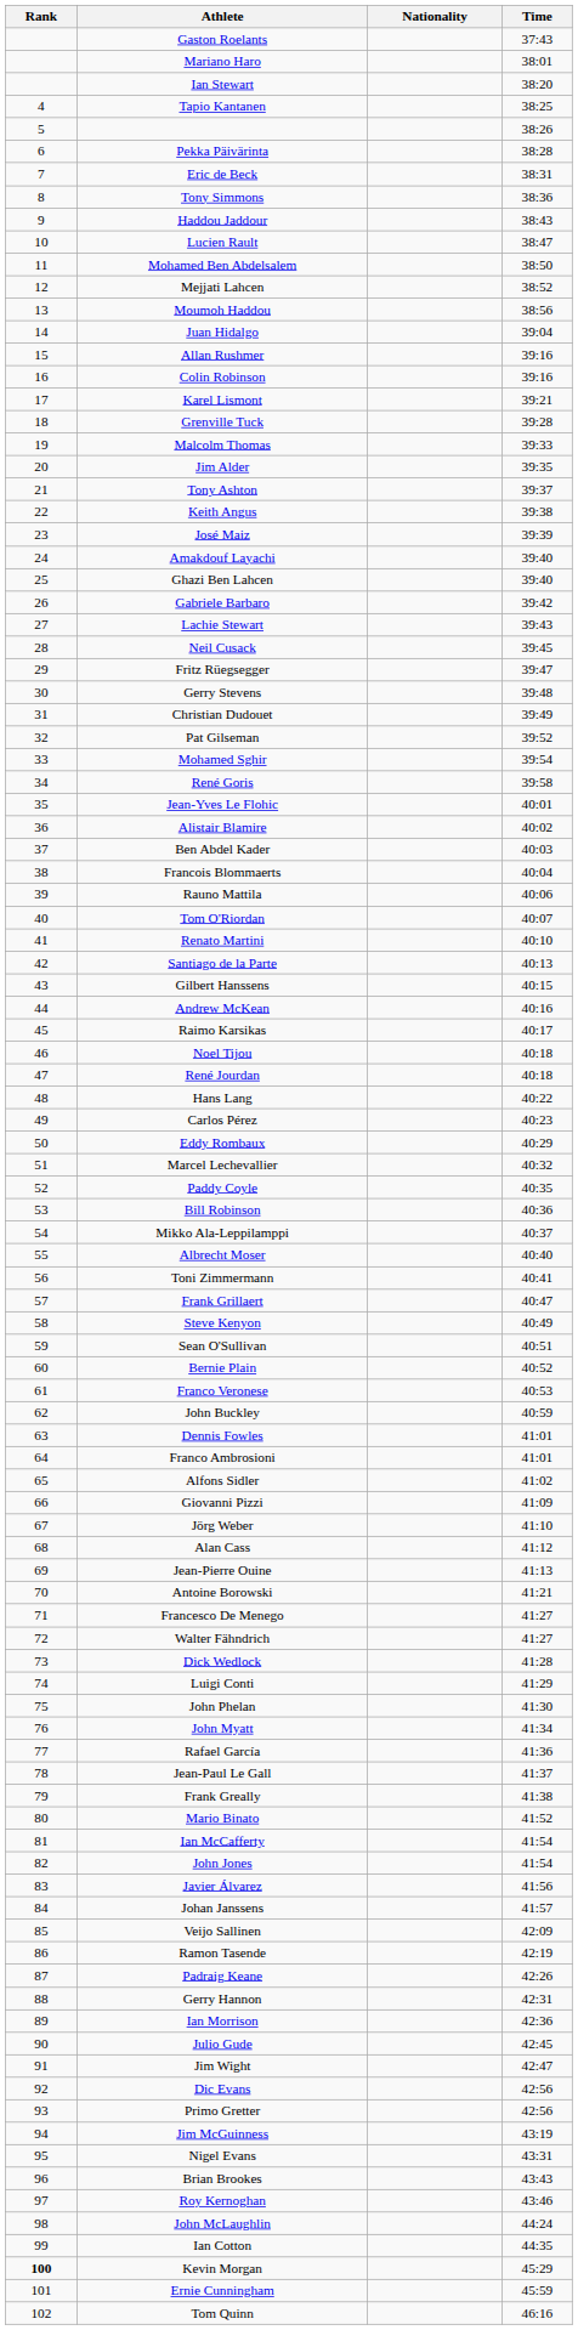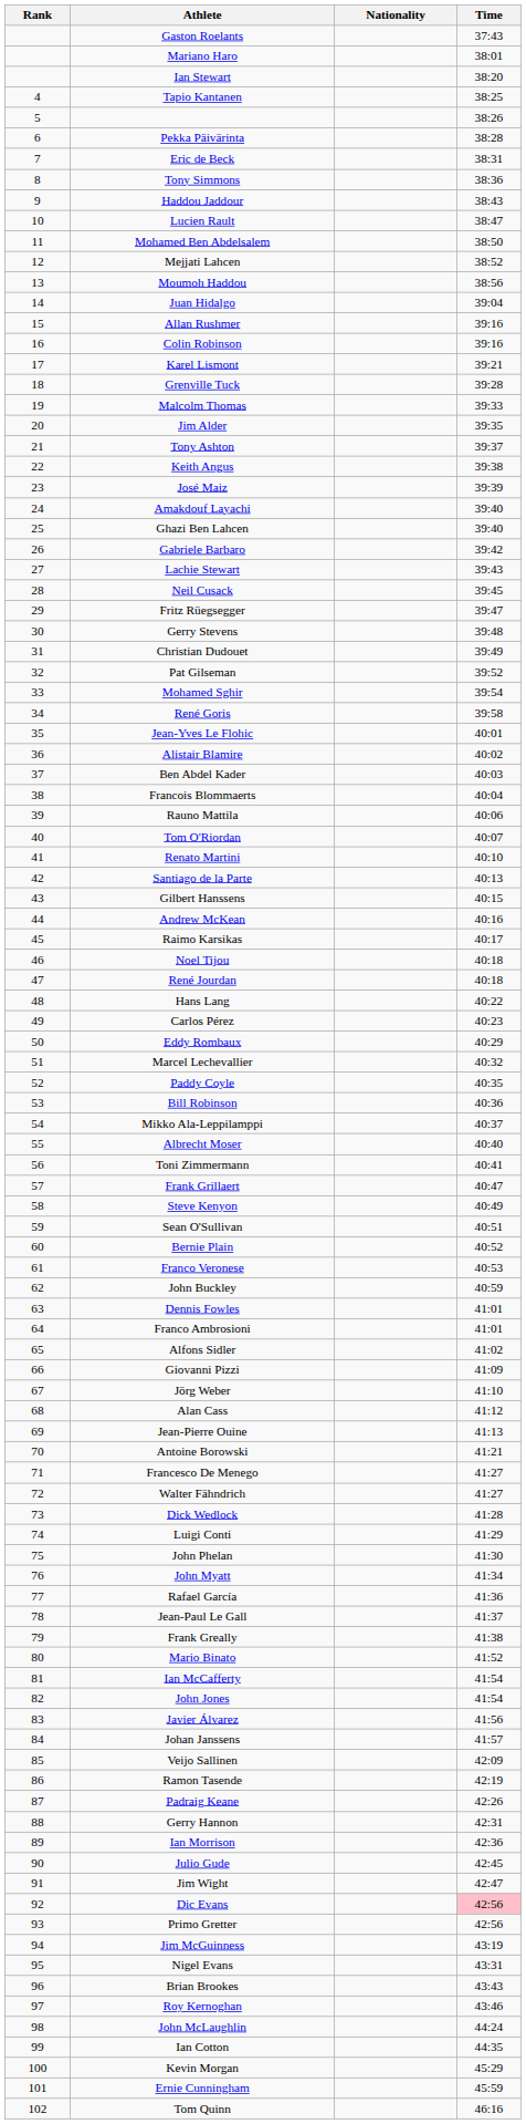 <table class="wikitable sortable" style=" text-align:center; font-size:95%;" width="50%">
 <tr>
 <th>Rank</th>
 <th>Athlete</th>
 <th>Nationality</th>
 <th>Time</th>
 </tr>
 <tr>
 <td align=center></td>
 <td><a href='#'>Gaston Roelants</a></td>
 <td></td>
 <td>37:43</td>
 </tr>
 <tr>
 <td align=center></td>
 <td><a href='#'>Mariano Haro</a></td>
 <td></td>
 <td>38:01</td>
 </tr>
 <tr>
 <td align=center></td>
 <td><a href='#'>Ian Stewart</a></td>
 <td></td>
 <td>38:20</td>
 </tr>
 <tr>
 <td align=center>4</td>
 <td><a href='#'>Tapio Kantanen</a></td>
 <td></td>
 <td>38:25</td>
 </tr>
 <tr>
 <td align=center>5</td>
 <td></td>
 <td></td>
 <td>38:26</td>
 </tr>
 <tr>
 <td align=center>6</td>
 <td><a href='#'>Pekka Päivärinta</a></td>
 <td></td>
 <td>38:28</td>
 </tr>
 <tr>
 <td align=center>7</td>
 <td><a href='#'>Eric de Beck</a></td>
 <td></td>
 <td>38:31</td>
 </tr>
 <tr>
 <td align=center>8</td>
 <td><a href='#'>Tony Simmons</a></td>
 <td></td>
 <td>38:36</td>
 </tr>
 <tr>
 <td align=center>9</td>
 <td><a href='#'>Haddou Jaddour</a></td>
 <td></td>
 <td>38:43</td>
 </tr>
 <tr>
 <td align=center>10</td>
 <td><a href='#'>Lucien Rault</a></td>
 <td></td>
 <td>38:47</td>
 </tr>
 <tr>
 <td align=center>11</td>
 <td><a href='#'>Mohamed Ben Abdelsalem</a></td>
 <td></td>
 <td>38:50</td>
 </tr>
 <tr>
 <td align=center>12</td>
 <td>Mejjati Lahcen</td>
 <td></td>
 <td>38:52</td>
 </tr>
 <tr>
 <td align=center>13</td>
 <td><a href='#'>Moumoh Haddou</a></td>
 <td></td>
 <td>38:56</td>
 </tr>
 <tr>
 <td align=center>14</td>
 <td><a href='#'>Juan Hidalgo</a></td>
 <td></td>
 <td>39:04</td>
 </tr>
 <tr>
 <td align=center>15</td>
 <td><a href='#'>Allan Rushmer</a></td>
 <td></td>
 <td>39:16</td>
 </tr>
 <tr>
 <td align=center>16</td>
 <td><a href='#'>Colin Robinson</a></td>
 <td></td>
 <td>39:16</td>
 </tr>
 <tr>
 <td align=center>17</td>
 <td><a href='#'>Karel Lismont</a></td>
 <td></td>
 <td>39:21</td>
 </tr>
 <tr>
 <td align=center>18</td>
 <td><a href='#'>Grenville Tuck</a></td>
 <td></td>
 <td>39:28</td>
 </tr>
 <tr>
 <td align=center>19</td>
 <td><a href='#'>Malcolm Thomas</a></td>
 <td></td>
 <td>39:33</td>
 </tr>
 <tr>
 <td align=center>20</td>
 <td><a href='#'>Jim Alder</a></td>
 <td></td>
 <td>39:35</td>
 </tr>
 <tr>
 <td align=center>21</td>
 <td><a href='#'>Tony Ashton</a></td>
 <td></td>
 <td>39:37</td>
 </tr>
 <tr>
 <td align=center>22</td>
 <td><a href='#'>Keith Angus</a></td>
 <td></td>
 <td>39:38</td>
 </tr>
 <tr>
 <td align=center>23</td>
 <td><a href='#'>José Maiz</a></td>
 <td></td>
 <td>39:39</td>
 </tr>
 <tr>
 <td align=center>24</td>
 <td><a href='#'>Amakdouf Layachi</a></td>
 <td></td>
 <td>39:40</td>
 </tr>
 <tr>
 <td align=center>25</td>
 <td>Ghazi Ben Lahcen</td>
 <td></td>
 <td>39:40</td>
 </tr>
 <tr>
 <td align=center>26</td>
 <td><a href='#'>Gabriele Barbaro</a></td>
 <td></td>
 <td>39:42</td>
 </tr>
 <tr>
 <td align=center>27</td>
 <td><a href='#'>Lachie Stewart</a></td>
 <td></td>
 <td>39:43</td>
 </tr>
 <tr>
 <td align=center>28</td>
 <td><a href='#'>Neil Cusack</a></td>
 <td></td>
 <td>39:45</td>
 </tr>
 <tr>
 <td align=center>29</td>
 <td>Fritz Rüegsegger</td>
 <td></td>
 <td>39:47</td>
 </tr>
 <tr>
 <td align=center>30</td>
 <td>Gerry Stevens</td>
 <td></td>
 <td>39:48</td>
 </tr>
 <tr>
 <td align=center>31</td>
 <td>Christian Dudouet</td>
 <td></td>
 <td>39:49</td>
 </tr>
 <tr>
 <td align=center>32</td>
 <td>Pat Gilseman</td>
 <td></td>
 <td>39:52</td>
 </tr>
 <tr>
 <td align=center>33</td>
 <td><a href='#'>Mohamed Sghir</a></td>
 <td></td>
 <td>39:54</td>
 </tr>
 <tr>
 <td align=center>34</td>
 <td><a href='#'>René Goris</a></td>
 <td></td>
 <td>39:58</td>
 </tr>
 <tr>
 <td align=center>35</td>
 <td><a href='#'>Jean-Yves Le Flohic</a></td>
 <td></td>
 <td>40:01</td>
 </tr>
 <tr>
 <td align=center>36</td>
 <td><a href='#'>Alistair Blamire</a></td>
 <td></td>
 <td>40:02</td>
 </tr>
 <tr>
 <td align=center>37</td>
 <td>Ben Abdel Kader</td>
 <td></td>
 <td>40:03</td>
 </tr>
 <tr>
 <td align=center>38</td>
 <td>Francois Blommaerts</td>
 <td></td>
 <td>40:04</td>
 </tr>
 <tr>
 <td align=center>39</td>
 <td>Rauno Mattila</td>
 <td></td>
 <td>40:06</td>
 </tr>
 <tr>
 <td align=center>40</td>
 <td><a href='#'>Tom O'Riordan</a></td>
 <td></td>
 <td>40:07</td>
 </tr>
 <tr>
 <td align=center>41</td>
 <td><a href='#'>Renato Martini</a></td>
 <td></td>
 <td>40:10</td>
 </tr>
 <tr>
 <td align=center>42</td>
 <td><a href='#'>Santiago de la Parte</a></td>
 <td></td>
 <td>40:13</td>
 </tr>
 <tr>
 <td align=center>43</td>
 <td>Gilbert Hanssens</td>
 <td></td>
 <td>40:15</td>
 </tr>
 <tr>
 <td align=center>44</td>
 <td><a href='#'>Andrew McKean</a></td>
 <td></td>
 <td>40:16</td>
 </tr>
 <tr>
 <td align=center>45</td>
 <td>Raimo Karsikas</td>
 <td></td>
 <td>40:17</td>
 </tr>
 <tr>
 <td align=center>46</td>
 <td><a href='#'>Noel Tijou</a></td>
 <td></td>
 <td>40:18</td>
 </tr>
 <tr>
 <td align=center>47</td>
 <td><a href='#'>René Jourdan</a></td>
 <td></td>
 <td>40:18</td>
 </tr>
 <tr>
 <td align=center>48</td>
 <td>Hans Lang</td>
 <td></td>
 <td>40:22</td>
 </tr>
 <tr>
 <td align=center>49</td>
 <td>Carlos Pérez</td>
 <td></td>
 <td>40:23</td>
 </tr>
 <tr>
 <td align=center>50</td>
 <td><a href='#'>Eddy Rombaux</a></td>
 <td></td>
 <td>40:29</td>
 </tr>
 <tr>
 <td align=center>51</td>
 <td>Marcel Lechevallier</td>
 <td></td>
 <td>40:32</td>
 </tr>
 <tr>
 <td align=center>52</td>
 <td><a href='#'>Paddy Coyle</a></td>
 <td></td>
 <td>40:35</td>
 </tr>
 <tr>
 <td align=center>53</td>
 <td><a href='#'>Bill Robinson</a></td>
 <td></td>
 <td>40:36</td>
 </tr>
 <tr>
 <td align=center>54</td>
 <td>Mikko Ala-Leppilamppi</td>
 <td></td>
 <td>40:37</td>
 </tr>
 <tr>
 <td align=center>55</td>
 <td><a href='#'>Albrecht Moser</a></td>
 <td></td>
 <td>40:40</td>
 </tr>
 <tr>
 <td align=center>56</td>
 <td>Toni Zimmermann</td>
 <td></td>
 <td>40:41</td>
 </tr>
 <tr>
 <td align=center>57</td>
 <td><a href='#'>Frank Grillaert</a></td>
 <td></td>
 <td>40:47</td>
 </tr>
 <tr>
 <td align=center>58</td>
 <td><a href='#'>Steve Kenyon</a></td>
 <td></td>
 <td>40:49</td>
 </tr>
 <tr>
 <td align=center>59</td>
 <td>Sean O'Sullivan</td>
 <td></td>
 <td>40:51</td>
 </tr>
 <tr>
 <td align=center>60</td>
 <td><a href='#'>Bernie Plain</a></td>
 <td></td>
 <td>40:52</td>
 </tr>
 <tr>
 <td align=center>61</td>
 <td><a href='#'>Franco Veronese</a></td>
 <td></td>
 <td>40:53</td>
 </tr>
 <tr>
 <td align=center>62</td>
 <td>John Buckley</td>
 <td></td>
 <td>40:59</td>
 </tr>
 <tr>
 <td align=center>63</td>
 <td><a href='#'>Dennis Fowles</a></td>
 <td></td>
 <td>41:01</td>
 </tr>
 <tr>
 <td align=center>64</td>
 <td>Franco Ambrosioni</td>
 <td></td>
 <td>41:01</td>
 </tr>
 <tr>
 <td align=center>65</td>
 <td>Alfons Sidler</td>
 <td></td>
 <td>41:02</td>
 </tr>
 <tr>
 <td align=center>66</td>
 <td>Giovanni Pizzi</td>
 <td></td>
 <td>41:09</td>
 </tr>
 <tr>
 <td align=center>67</td>
 <td>Jörg Weber</td>
 <td></td>
 <td>41:10</td>
 </tr>
 <tr>
 <td align=center>68</td>
 <td>Alan Cass</td>
 <td></td>
 <td>41:12</td>
 </tr>
 <tr>
 <td align=center>69</td>
 <td>Jean-Pierre Ouine</td>
 <td></td>
 <td>41:13</td>
 </tr>
 <tr>
 <td align=center>70</td>
 <td>Antoine Borowski</td>
 <td></td>
 <td>41:21</td>
 </tr>
 <tr>
 <td align=center>71</td>
 <td>Francesco De Menego</td>
 <td></td>
 <td>41:27</td>
 </tr>
 <tr>
 <td align=center>72</td>
 <td>Walter Fähndrich</td>
 <td></td>
 <td>41:27</td>
 </tr>
 <tr>
 <td align=center>73</td>
 <td><a href='#'>Dick Wedlock</a></td>
 <td></td>
 <td>41:28</td>
 </tr>
 <tr>
 <td align=center>74</td>
 <td>Luigi Conti</td>
 <td></td>
 <td>41:29</td>
 </tr>
 <tr>
 <td align=center>75</td>
 <td>John Phelan</td>
 <td></td>
 <td>41:30</td>
 </tr>
 <tr>
 <td align=center>76</td>
 <td><a href='#'>John Myatt</a></td>
 <td></td>
 <td>41:34</td>
 </tr>
 <tr>
 <td align=center>77</td>
 <td>Rafael García</td>
 <td></td>
 <td>41:36</td>
 </tr>
 <tr>
 <td align=center>78</td>
 <td>Jean-Paul Le Gall</td>
 <td></td>
 <td>41:37</td>
 </tr>
 <tr>
 <td align=center>79</td>
 <td>Frank Greally</td>
 <td></td>
 <td>41:38</td>
 </tr>
 <tr>
 <td align=center>80</td>
 <td><a href='#'>Mario Binato</a></td>
 <td></td>
 <td>41:52</td>
 </tr>
 <tr>
 <td align=center>81</td>
 <td><a href='#'>Ian McCafferty</a></td>
 <td></td>
 <td>41:54</td>
 </tr>
 <tr>
 <td align=center>82</td>
 <td><a href='#'>John Jones</a></td>
 <td></td>
 <td>41:54</td>
 </tr>
 <tr>
 <td align=center>83</td>
 <td><a href='#'>Javier Álvarez</a></td>
 <td></td>
 <td>41:56</td>
 </tr>
 <tr>
 <td align=center>84</td>
 <td>Johan Janssens</td>
 <td></td>
 <td>41:57</td>
 </tr>
 <tr>
 <td align=center>85</td>
 <td>Veijo Sallinen</td>
 <td></td>
 <td>42:09</td>
 </tr>
 <tr>
 <td align=center>86</td>
 <td>Ramon Tasende</td>
 <td></td>
 <td>42:19</td>
 </tr>
 <tr>
 <td align=center>87</td>
 <td><a href='#'>Padraig Keane</a></td>
 <td></td>
 <td>42:26</td>
 </tr>
 <tr>
 <td align=center>88</td>
 <td>Gerry Hannon</td>
 <td></td>
 <td>42:31</td>
 </tr>
 <tr>
 <td align=center>89</td>
 <td><a href='#'>Ian Morrison</a></td>
 <td></td>
 <td>42:36</td>
 </tr>
 <tr>
 <td align=center>90</td>
 <td><a href='#'>Julio Gude</a></td>
 <td></td>
 <td>42:45</td>
 </tr>
 <tr>
 <td align=center>91</td>
 <td>Jim Wight</td>
 <td></td>
 <td>42:47</td>
 </tr>
 <tr>
 <td align=center>92</td>
 <td><a href='#'>Dic Evans</a></td>
 <td></td>
-<td>42:56</td>
+<td style="background: pink;">42:56</td>
 </tr>
 <tr>
 <td align=center>93</td>
 <td>Primo Gretter</td>
 <td></td>
 <td>42:56</td>
 </tr>
 <tr>
 <td align=center>94</td>
 <td><a href='#'>Jim McGuinness</a></td>
 <td></td>
 <td>43:19</td>
 </tr>
 <tr>
 <td align=center>95</td>
 <td>Nigel Evans</td>
 <td></td>
 <td>43:31</td>
 </tr>
 <tr>
 <td align=center>96</td>
 <td>Brian Brookes</td>
 <td></td>
 <td>43:43</td>
 </tr>
 <tr>
 <td align=center>97</td>
 <td><a href='#'>Roy Kernoghan</a></td>
 <td></td>
 <td>43:46</td>
 </tr>
 <tr>
 <td align=center>98</td>
 <td><a href='#'>John McLaughlin</a></td>
 <td></td>
 <td>44:24</td>
 </tr>
 <tr>
 <td align=center>99</td>
 <td>Ian Cotton</td>
 <td></td>
 <td>44:35</td>
 </tr>
 <tr>
-<td align=center><strong>100</strong></td>
+<td align=center>100</td>
 <td>Kevin Morgan</td>
 <td></td>
 <td>45:29</td>
 </tr>
 <tr>
 <td align=center>101</td>
 <td><a href='#'>Ernie Cunningham</a></td>
 <td></td>
 <td>45:59</td>
 </tr>
 <tr>
 <td align=center>102</td>
 <td>Tom Quinn</td>
 <td></td>
 <td>46:16</td>
 </tr>
 </table>
